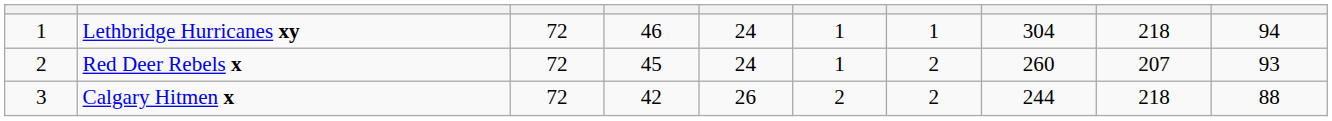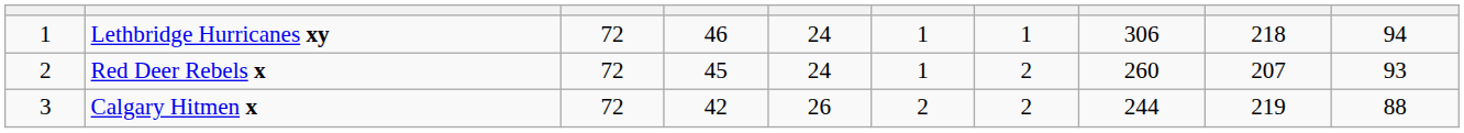 <table class="wikitable sortable">
 <tr>
 <th style="width:3em"></th>
 <th style="width:20em;" class="unsortable"></th>
 <th style="width:4em;" class="unsortable"></th>
 <th style="width:4em;"></th>
 <th style="width:4em;"></th>
 <th style="width:4em;"></th>
 <th style="width:4em;"></th>
 <th style="width:5em;"></th>
 <th style="width:5em;"></th>
 <th style="width:5em;"></th>
 </tr>
 <tr style="font-weight: ; text-align: center;">
 <td>1</td>
 <td style="text-align:left;"><a href='#'>Lethbridge Hurricanes</a> <strong>xy</strong></td>
 <td>72</td>
 <td>46</td>
 <td>24</td>
 <td>1</td>
 <td>1</td>
-<td>304</td>
+<td>306</td>
 <td>218</td>
 <td>94</td>
 </tr>
 <tr style="font-weight: ; text-align: center;">
 <td>2</td>
 <td style="text-align:left;"><a href='#'>Red Deer Rebels</a> <strong>x</strong></td>
 <td>72</td>
 <td>45</td>
 <td>24</td>
 <td>1</td>
 <td>2</td>
 <td>260</td>
 <td>207</td>
 <td>93</td>
 </tr>
 <tr style="font-weight: ; text-align: center;">
 <td>3</td>
 <td style="text-align:left;"><a href='#'>Calgary Hitmen</a> <strong>x</strong></td>
 <td>72</td>
 <td>42</td>
 <td>26</td>
 <td>2</td>
 <td>2</td>
 <td>244</td>
-<td>218</td>
+<td>219</td>
 <td>88</td>
 </tr>
 </table>
